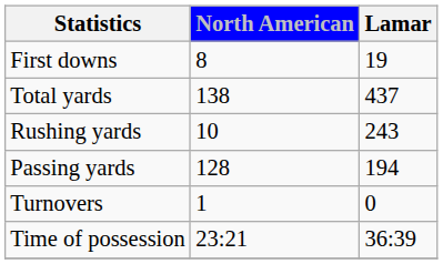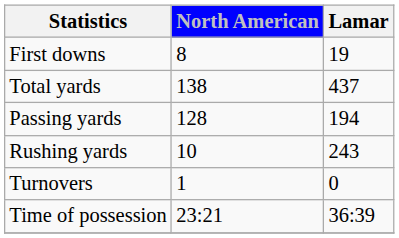 <table class="wikitable" style="float: left;">
 <tr>
 <th>Statistics</th>
 <th style="color:silver; background:blue"><strong>North American</strong></th>
 <th><strong>Lamar</strong></th>
 </tr>
 <tr>
 <td>First downs</td>
 <td>8</td>
 <td>19</td>
 </tr>
 <tr>
 <td>Total yards</td>
 <td>138</td>
 <td>437</td>
 </tr>
 <tr>
+<td>Passing yards</td>
+<td>128</td>
+<td>194</td>
+</tr>
+<tr>
 <td>Rushing yards</td>
 <td>10</td>
 <td>243</td>
-</tr>
-<tr>
-<td>Passing yards</td>
-<td>128</td>
-<td>194</td>
 </tr>
 <tr>
 <td>Turnovers</td>
 <td>1</td>
 <td>0</td>
 </tr>
 <tr>
 <td>Time of possession</td>
 <td>23:21</td>
 <td>36:39</td>
 </tr>
 <tr>
 </tr>
 </table>
